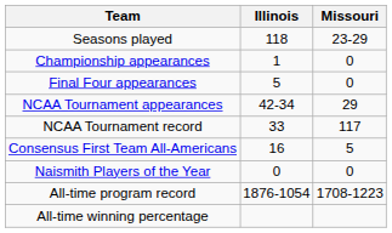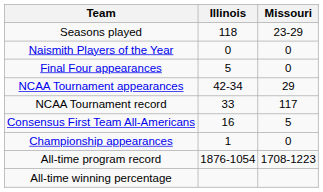 <table class="wikitable" style="text-align:center;">
 <tr>
 <th>Team</th>
 <th>Illinois</th>
 <th>Missouri</th>
 </tr>
 <tr>
 <td>Seasons played</td>
 <td style=>118</td>
 <td>23-29</td>
 </tr>
 <tr>
-<td><a href='#'>Championship appearances</a></td>
-<td style=>1</td>
+<td><a href='#'>Naismith Players of the Year</a></td>
+<td style=>0</td>
 <td>0</td>
 </tr>
 <tr>
 <td><a href='#'>Final Four appearances</a></td>
 <td style=>5</td>
 <td>0</td>
 </tr>
 <tr>
 <td><a href='#'>NCAA Tournament appearances</a></td>
 <td style=>42-34</td>
 <td>29</td>
 </tr>
 <tr>
 <td>NCAA Tournament record</td>
 <td style=>33</td>
 <td>117</td>
 </tr>
 <tr>
 <td><a href='#'>Consensus First Team All-Americans</a></td>
 <td style=>16</td>
 <td>5</td>
 </tr>
 <tr>
-<td><a href='#'>Naismith Players of the Year</a></td>
-<td style=>0</td>
+<td><a href='#'>Championship appearances</a></td>
+<td style=>1</td>
 <td>0</td>
 </tr>
 <tr>
 <td>All-time program record</td>
 <td style=>1876-1054</td>
 <td>1708-1223</td>
 </tr>
 <tr>
 <td>All-time winning percentage</td>
 <td></td>
 <td></td>
 </tr>
 </table>
